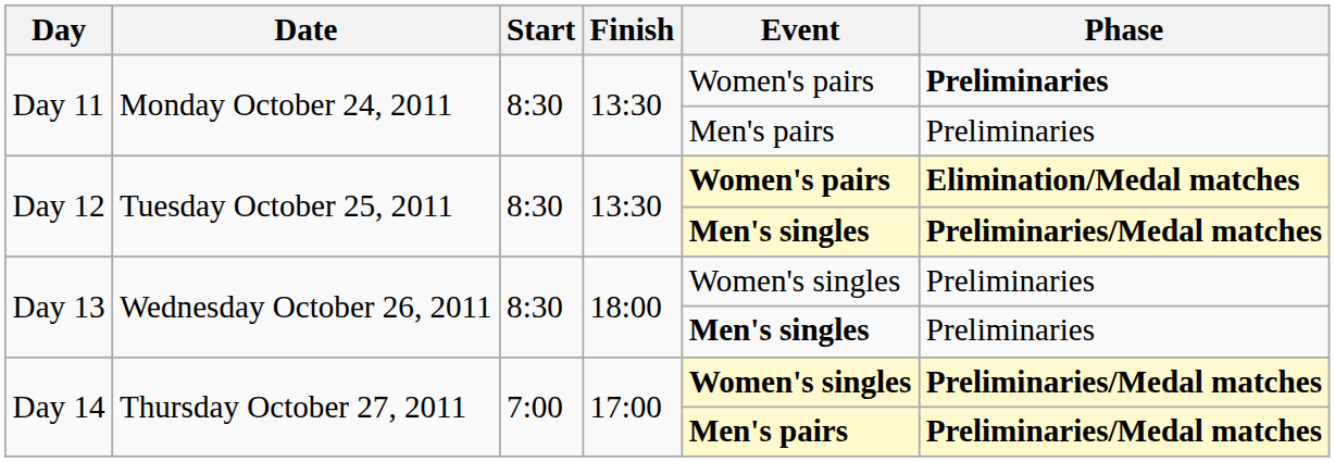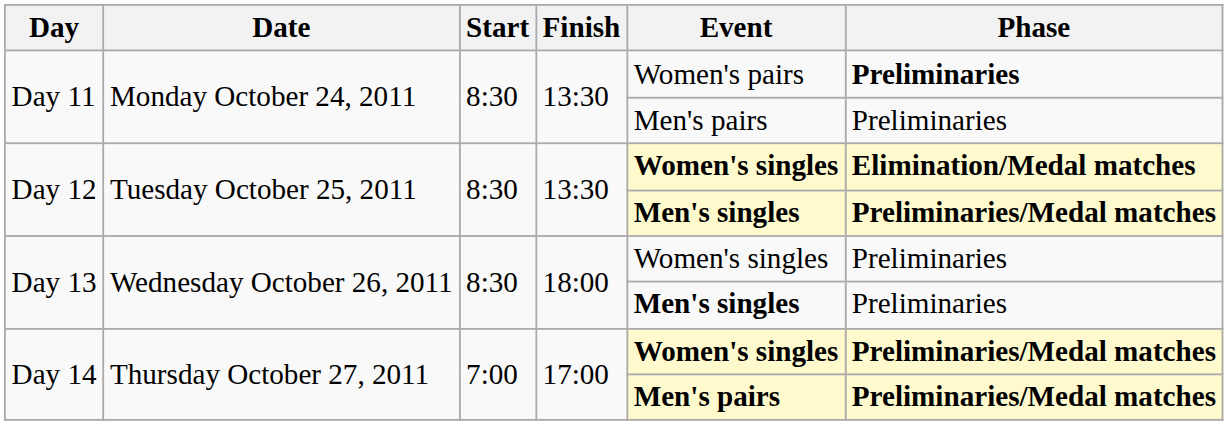 <table class=wikitable>
 <tr>
 <th>Day</th>
 <th>Date</th>
 <th>Start</th>
 <th>Finish</th>
 <th>Event</th>
 <th>Phase</th>
 </tr>
 <tr>
 <td rowspan=2>Day 11</td>
 <td rowspan=2>Monday October 24, 2011</td>
 <td rowspan=2>8:30</td>
 <td rowspan=2>13:30</td>
 <td>Women's pairs</td>
 <td><strong>Preliminaries</strong></td>
 </tr>
 <tr>
 <td>Men's pairs</td>
 <td>Preliminaries</td>
 </tr>
 <tr>
 <td rowspan=2>Day 12</td>
 <td rowspan=2>Tuesday October 25, 2011</td>
 <td rowspan=2>8:30</td>
 <td rowspan=2>13:30</td>
-<td style=background:lemonchiffon><strong>Women's pairs</strong></td>
+<td style=background:lemonchiffon><strong>Women's singles</strong></td>
 <td style=background:lemonchiffon><strong>Elimination/Medal matches</strong></td>
 </tr>
 <tr>
 <td style=background:lemonchiffon><strong> Men's singles</strong></td>
 <td style=background:lemonchiffon><strong>Preliminaries/Medal matches</strong></td>
 </tr>
 <tr>
 <td rowspan=2>Day 13</td>
 <td rowspan=2>Wednesday October 26, 2011</td>
 <td rowspan=2>8:30</td>
 <td rowspan=2>18:00</td>
 <td>Women's singles</td>
 <td>Preliminaries</td>
 </tr>
 <tr>
 <td><strong>Men's singles</strong></td>
 <td>Preliminaries</td>
 </tr>
 <tr>
 <td rowspan=2>Day 14</td>
 <td rowspan=2>Thursday October 27, 2011</td>
 <td rowspan=2>7:00</td>
 <td rowspan=2>17:00</td>
 <td style=background:lemonchiffon><strong>Women's singles</strong></td>
 <td style=background:lemonchiffon><strong>Preliminaries/Medal matches</strong></td>
 </tr>
 <tr>
 <td style=background:lemonchiffon><strong>Men's pairs</strong></td>
 <td style=background:lemonchiffon><strong>Preliminaries/Medal matches</strong></td>
 </tr>
 </table>
